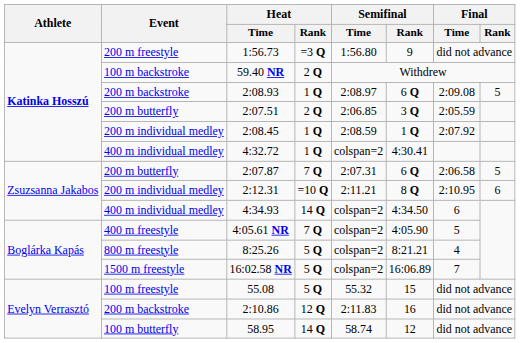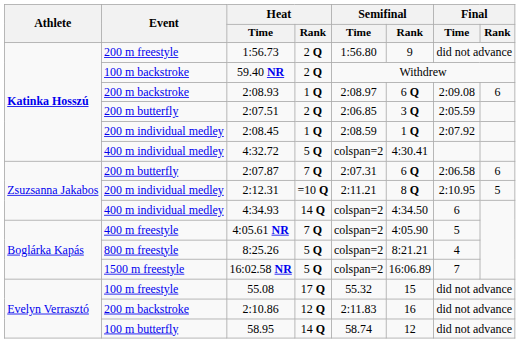 <table class=wikitable style="font-size:90%">
 <tr>
 <th rowspan="2">Athlete</th>
 <th rowspan="2">Event</th>
 <th colspan="2">Heat</th>
 <th colspan="2">Semifinal</th>
 <th colspan="2">Final</th>
 </tr>
 <tr style="font-size:95%">
 <th>Time</th>
 <th>Rank</th>
 <th>Time</th>
 <th>Rank</th>
 <th>Time</th>
 <th>Rank</th>
 </tr>
 <tr align=center>
 <td align=left rowspan=6><strong><a href='#'>Katinka Hosszú</a></strong></td>
 <td align=left><a href='#'>200 m freestyle</a></td>
 <td>1:56.73</td>
-<td>=3 <strong>Q</strong></td>
+<td>2 <strong>Q</strong></td>
 <td>1:56.80</td>
 <td>9</td>
 <td colspan=2>did not advance</td>
 </tr>
 <tr align=center>
 <td align=left><a href='#'>100 m backstroke</a></td>
 <td>59.40 <strong><a href='#'>NR</a></strong></td>
 <td>2 <strong>Q</strong></td>
 <td colspan=4>Withdrew</td>
 </tr>
 <tr align=center>
 <td align=left><a href='#'>200 m backstroke</a></td>
 <td>2:08.93</td>
 <td>1 <strong>Q</strong></td>
 <td>2:08.97</td>
 <td>6 <strong>Q</strong></td>
 <td>2:09.08</td>
-<td>5</td>
+<td>6</td>
 </tr>
 <tr align=center>
 <td align=left><a href='#'>200 m butterfly</a></td>
 <td>2:07.51</td>
 <td>2 <strong>Q</strong></td>
 <td>2:06.85</td>
 <td>3 <strong>Q</strong></td>
 <td>2:05.59</td>
 <td></td>
 </tr>
 <tr align=center>
 <td align=left><a href='#'>200 m individual medley</a></td>
 <td>2:08.45</td>
 <td>1 <strong>Q</strong></td>
 <td>2:08.59</td>
 <td>1 <strong>Q</strong></td>
 <td>2:07.92</td>
 <td></td>
 </tr>
 <tr align=center>
 <td align=left><a href='#'>400 m individual medley</a></td>
 <td>4:32.72</td>
-<td>1 <strong>Q</strong></td>
+<td>5 <strong>Q</strong></td>
 <td>colspan=2 </td>
 <td>4:30.41</td>
 <td></td>
 </tr>
 <tr align=center>
 <td align=left rowspan=3><a href='#'>Zsuzsanna Jakabos</a></td>
 <td align=left><a href='#'>200 m butterfly</a></td>
 <td>2:07.87</td>
 <td>7 <strong>Q</strong></td>
 <td>2:07.31</td>
 <td>6 <strong>Q</strong></td>
 <td>2:06.58</td>
-<td>5</td>
+<td>6</td>
 </tr>
 <tr align=center>
 <td align=left><a href='#'>200 m individual medley</a></td>
 <td>2:12.31</td>
 <td>=10 <strong>Q</strong></td>
 <td>2:11.21</td>
 <td>8 <strong>Q</strong></td>
 <td>2:10.95</td>
-<td>6</td>
+<td>5</td>
 </tr>
 <tr align=center>
 <td align=left><a href='#'>400 m individual medley</a></td>
 <td>4:34.93</td>
 <td>14 <strong>Q</strong></td>
 <td>colspan=2 </td>
 <td>4:34.50</td>
 <td>6</td>
 </tr>
 <tr align=center>
 <td align=left rowspan=3><a href='#'>Boglárka Kapás</a></td>
 <td align=left><a href='#'>400 m freestyle</a></td>
 <td>4:05.61 <strong><a href='#'>NR</a></strong></td>
 <td>7 <strong>Q</strong></td>
 <td>colspan=2 </td>
 <td>4:05.90</td>
 <td>5</td>
 </tr>
 <tr align=center>
 <td align=left><a href='#'>800 m freestyle</a></td>
 <td>8:25.26</td>
 <td>5 <strong>Q</strong></td>
 <td>colspan=2 </td>
 <td>8:21.21</td>
 <td>4</td>
 </tr>
 <tr align=center>
 <td align=left><a href='#'>1500 m freestyle</a></td>
 <td>16:02.58 <strong><a href='#'>NR</a></strong></td>
 <td>5 <strong>Q</strong></td>
 <td>colspan=2 </td>
 <td>16:06.89</td>
 <td>7</td>
 </tr>
 <tr align=center>
 <td align=left rowspan=3><a href='#'>Evelyn Verrasztó</a></td>
 <td align=left><a href='#'>100 m freestyle</a></td>
 <td>55.08</td>
-<td>5 <strong>Q</strong></td>
+<td>17 <strong>Q</strong></td>
 <td>55.32</td>
 <td>15</td>
 <td colspan=2>did not advance</td>
 </tr>
 <tr align=center>
 <td align=left><a href='#'>200 m backstroke</a></td>
 <td>2:10.86</td>
 <td>12 <strong>Q</strong></td>
 <td>2:11.83</td>
 <td>16</td>
 <td colspan=2>did not advance</td>
 </tr>
 <tr align=center>
 <td align=left><a href='#'>100 m butterfly</a></td>
 <td>58.95</td>
 <td>14 <strong>Q</strong></td>
 <td>58.74</td>
 <td>12</td>
 <td colspan=2>did not advance</td>
 </tr>
 </table>
